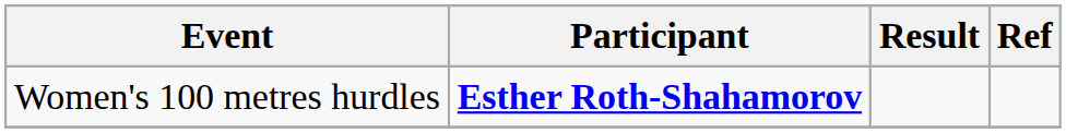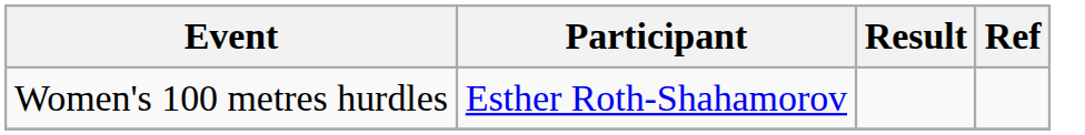 <table class="wikitable" style="font-size: 95%;">
 <tr>
 <th>Event</th>
 <th>Participant</th>
 <th>Result</th>
 <th>Ref</th>
 </tr>
 <tr>
 <td>Women's 100 metres hurdles</td>
-<td><strong><a href='#'>Esther Roth-Shahamorov</a></strong></td>
+<td><a href='#'>Esther Roth-Shahamorov</a></td>
 <td></td>
 <td></td>
 </tr>
 <tr>
 </tr>
 </table>
